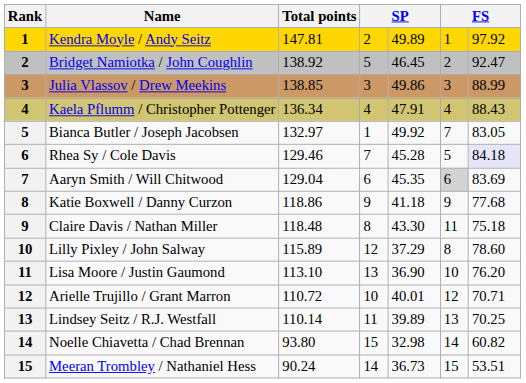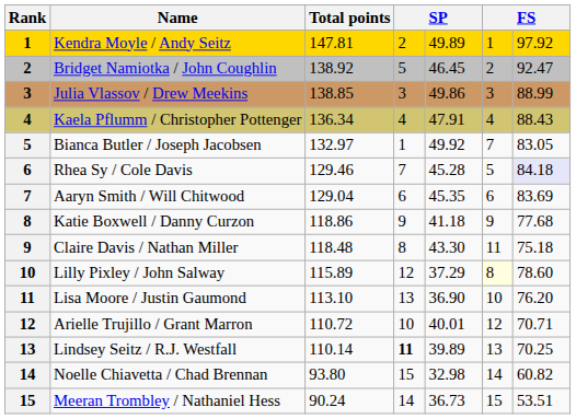 <table class="wikitable sortable">
 <tr>
 <th>Rank</th>
 <th>Name</th>
 <th>Total points</th>
 <th colspan="2" width="80px"><a href='#'>SP</a></th>
 <th colspan="2" width="80px"><a href='#'>FS</a></th>
 </tr>
 <tr bgcolor="gold">
 <td align="center"><strong>1</strong></td>
 <td><a href='#'>Kendra Moyle</a> / <a href='#'>Andy Seitz</a></td>
 <td>147.81</td>
 <td>2</td>
 <td>49.89</td>
 <td>1</td>
 <td>97.92</td>
 </tr>
 <tr bgcolor="silver">
 <td align="center"><strong>2</strong></td>
 <td><a href='#'>Bridget Namiotka</a> / <a href='#'>John Coughlin</a></td>
 <td>138.92</td>
 <td>5</td>
 <td>46.45</td>
 <td>2</td>
 <td>92.47</td>
 </tr>
 <tr bgcolor="cc9966">
 <td align="center"><strong>3</strong></td>
 <td><a href='#'>Julia Vlassov</a> / <a href='#'>Drew Meekins</a></td>
 <td>138.85</td>
 <td>3</td>
 <td>49.86</td>
 <td>3</td>
 <td>88.99</td>
 </tr>
 <tr bgcolor="#d1c571">
 <td align="center"><strong>4</strong></td>
 <td><a href='#'>Kaela Pflumm</a> / Christopher Pottenger</td>
 <td>136.34</td>
 <td>4</td>
 <td>47.91</td>
 <td>4</td>
 <td>88.43</td>
 </tr>
 <tr>
 <th>5</th>
 <td>Bianca Butler / Joseph Jacobsen</td>
 <td>132.97</td>
 <td>1</td>
 <td>49.92</td>
 <td>7</td>
 <td>83.05</td>
 </tr>
 <tr>
 <th>6</th>
 <td>Rhea Sy / Cole Davis</td>
 <td>129.46</td>
 <td>7</td>
 <td>45.28</td>
 <td>5</td>
 <td style="background: lavender;">84.18</td>
 </tr>
 <tr>
 <th>7</th>
 <td>Aaryn Smith / Will Chitwood</td>
 <td>129.04</td>
 <td>6</td>
 <td>45.35</td>
-<td style="background: lightgrey;">6</td>
+<td>6</td>
 <td>83.69</td>
 </tr>
 <tr>
 <th>8</th>
 <td>Katie Boxwell / Danny Curzon</td>
 <td>118.86</td>
 <td>9</td>
 <td>41.18</td>
 <td>9</td>
 <td>77.68</td>
 </tr>
 <tr>
 <th>9</th>
 <td>Claire Davis / Nathan Miller</td>
 <td>118.48</td>
 <td>8</td>
 <td>43.30</td>
 <td>11</td>
 <td>75.18</td>
 </tr>
 <tr>
 <th>10</th>
 <td>Lilly Pixley / John Salway</td>
 <td>115.89</td>
 <td>12</td>
 <td>37.29</td>
-<td>8</td>
+<td style="background: lightyellow;">8</td>
 <td>78.60</td>
 </tr>
 <tr>
 <th>11</th>
 <td>Lisa Moore / Justin Gaumond</td>
 <td>113.10</td>
 <td>13</td>
 <td>36.90</td>
 <td>10</td>
 <td>76.20</td>
 </tr>
 <tr>
 <th>12</th>
 <td>Arielle Trujillo / Grant Marron</td>
 <td>110.72</td>
 <td>10</td>
 <td>40.01</td>
 <td>12</td>
 <td>70.71</td>
 </tr>
 <tr>
 <th>13</th>
 <td>Lindsey Seitz / R.J. Westfall</td>
 <td>110.14</td>
-<td>11</td>
+<td><strong>11</strong></td>
 <td>39.89</td>
 <td>13</td>
 <td>70.25</td>
 </tr>
 <tr>
 <th>14</th>
 <td>Noelle Chiavetta / Chad Brennan</td>
 <td>93.80</td>
 <td>15</td>
 <td>32.98</td>
 <td>14</td>
 <td>60.82</td>
 </tr>
 <tr>
 <th>15</th>
 <td><a href='#'>Meeran Trombley</a> / Nathaniel Hess</td>
 <td>90.24</td>
 <td>14</td>
 <td>36.73</td>
 <td>15</td>
 <td>53.51</td>
 </tr>
 </table>
